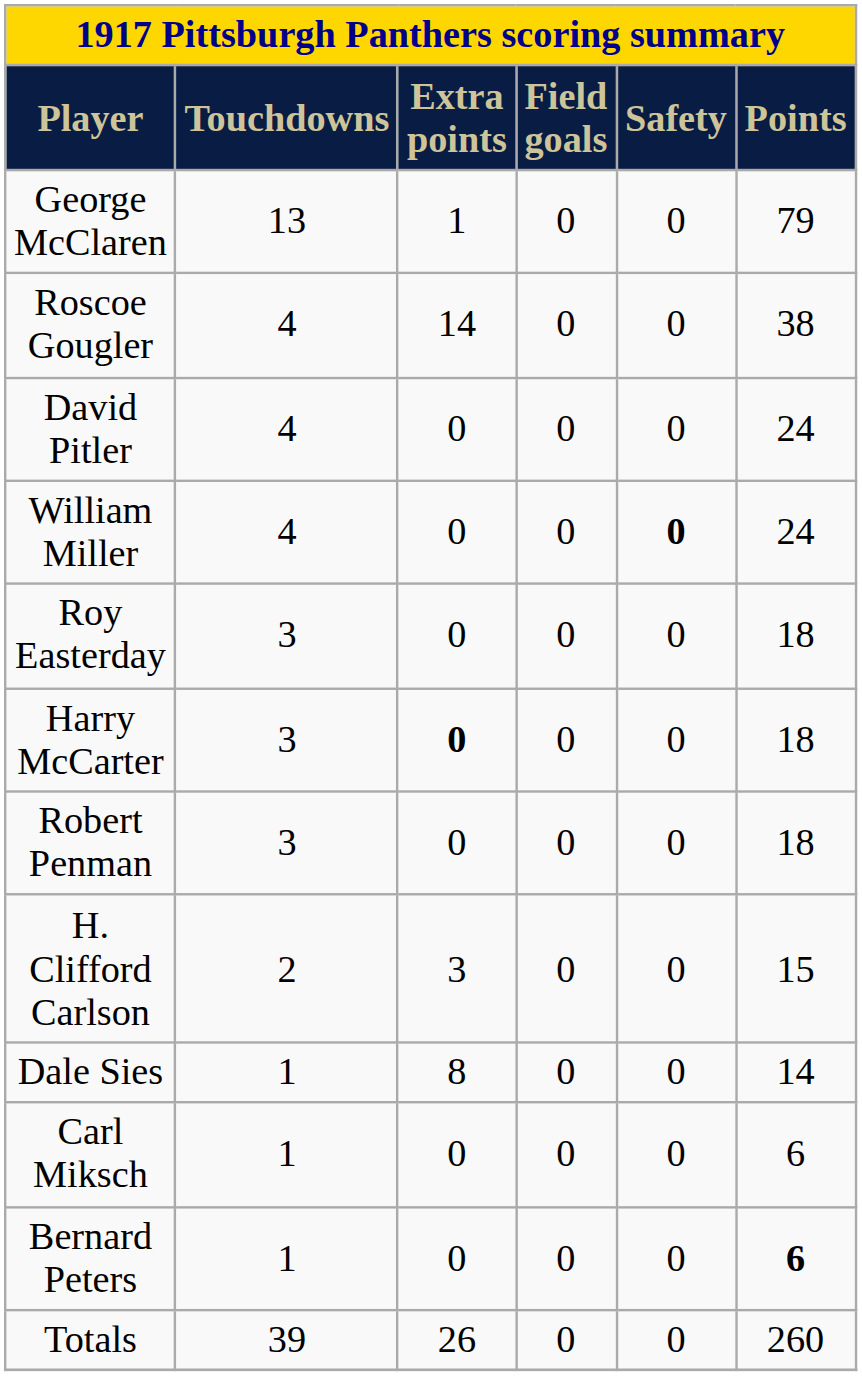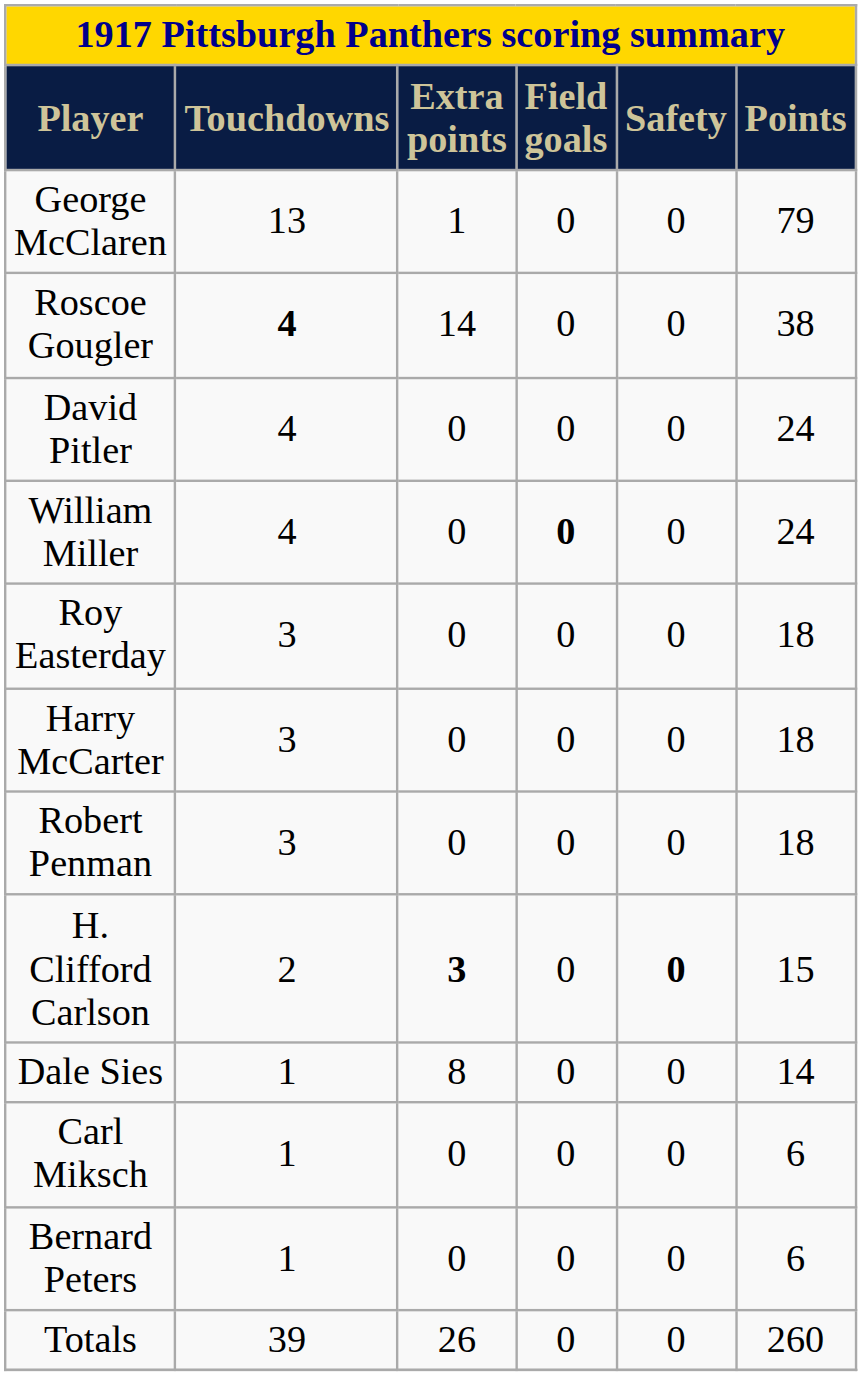 <table class="wikitable" width="35%">
 <tr>
 <th colspan="10" style="background:gold; color:darkblue; text-align: center;"><strong>1917 Pittsburgh Panthers scoring summary</strong></th>
 </tr>
 <tr align="center"  style="background:#091C44;color:#CEC499;">
 <td><strong>Player</strong></td>
 <td><strong>Touchdowns</strong></td>
 <td><strong>Extra points</strong></td>
 <td><strong>Field goals</strong></td>
 <td><strong>Safety</strong></td>
 <td><strong>Points</strong></td>
 </tr>
 <tr align="center" bgcolor="">
 <td>George McClaren</td>
 <td>13</td>
 <td>1</td>
 <td>0</td>
 <td>0</td>
 <td>79</td>
 </tr>
 <tr align="center" bgcolor="">
 <td>Roscoe Gougler</td>
-<td>4</td>
+<td><strong>4</strong></td>
 <td>14</td>
 <td>0</td>
 <td>0</td>
 <td>38</td>
 </tr>
 <tr align="center" bgcolor="">
 <td>David Pitler</td>
 <td>4</td>
 <td>0</td>
 <td>0</td>
 <td>0</td>
 <td>24</td>
 </tr>
 <tr align="center" bgcolor="">
 <td>William Miller</td>
 <td>4</td>
 <td>0</td>
+<td><strong>0</strong></td>
 <td>0</td>
-<td><strong>0</strong></td>
 <td>24</td>
 </tr>
 <tr align="center" bgcolor="">
 <td>Roy Easterday</td>
 <td>3</td>
 <td>0</td>
 <td>0</td>
 <td>0</td>
 <td>18</td>
 </tr>
 <tr align="center" bgcolor="">
 <td>Harry McCarter</td>
 <td>3</td>
-<td><strong>0</strong></td>
+<td>0</td>
 <td>0</td>
 <td>0</td>
 <td>18</td>
 </tr>
 <tr align="center" bgcolor="">
 <td>Robert Penman</td>
 <td>3</td>
 <td>0</td>
 <td>0</td>
 <td>0</td>
 <td>18</td>
 </tr>
 <tr align="center" bgcolor="">
 <td>H. Clifford Carlson</td>
 <td>2</td>
-<td>3</td>
+<td><strong>3</strong></td>
 <td>0</td>
-<td>0</td>
+<td><strong>0</strong></td>
 <td>15</td>
 </tr>
 <tr align="center" bgcolor="">
 <td>Dale Sies</td>
 <td>1</td>
 <td>8</td>
 <td>0</td>
 <td>0</td>
 <td>14</td>
 </tr>
 <tr align="center" bgcolor="">
 <td>Carl Miksch</td>
 <td>1</td>
 <td>0</td>
 <td>0</td>
 <td>0</td>
 <td>6</td>
 </tr>
 <tr align="center" bgcolor="">
 <td>Bernard Peters</td>
 <td>1</td>
 <td>0</td>
 <td>0</td>
 <td>0</td>
-<td><strong>6</strong></td>
+<td>6</td>
 </tr>
 <tr align="center" bgcolor="">
 <td>Totals</td>
 <td>39</td>
 <td>26</td>
 <td>0</td>
 <td>0</td>
 <td>260</td>
 </tr>
 <tr align="center" bgcolor="">
 </tr>
 </table>
